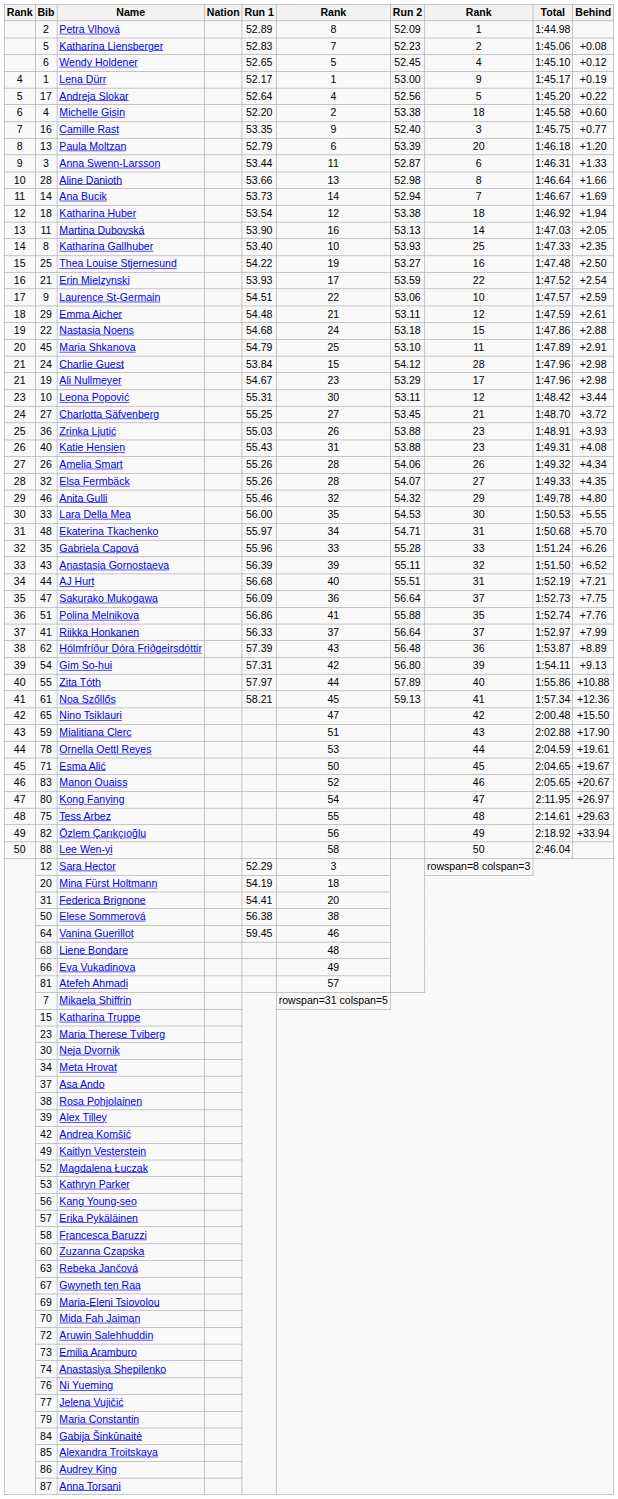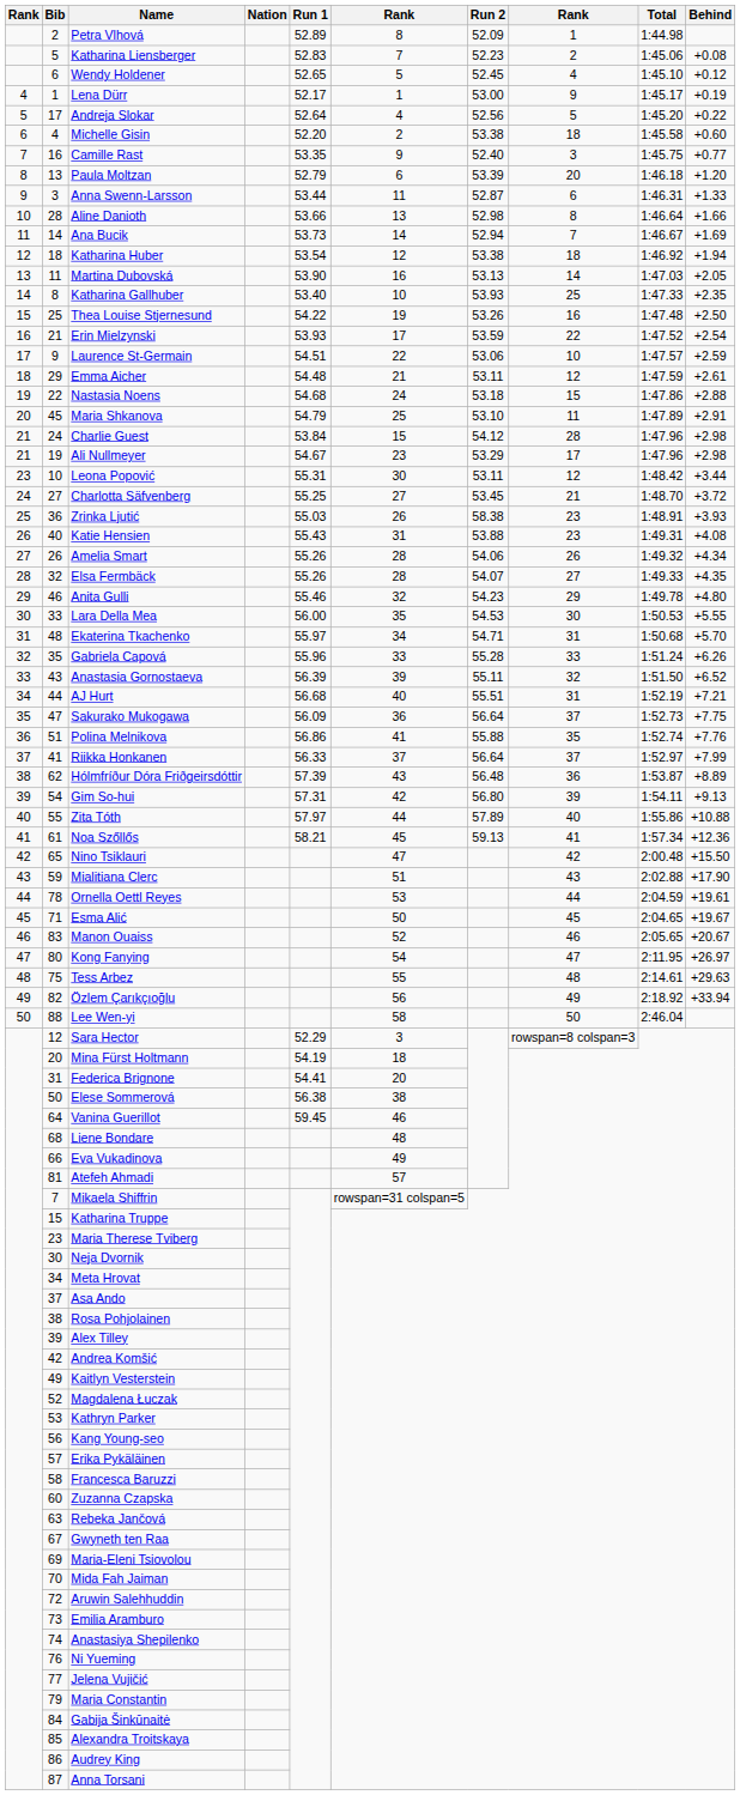 <table class="wikitable sortable" style="text-align:center">
 <tr>
 <th>Rank</th>
 <th>Bib</th>
 <th>Name</th>
 <th>Nation</th>
 <th>Run 1</th>
 <th>Rank</th>
 <th>Run 2</th>
 <th>Rank</th>
 <th>Total</th>
 <th>Behind</th>
 </tr>
 <tr>
 <td></td>
 <td>2</td>
 <td align=left><a href='#'>Petra Vlhová</a></td>
 <td align=left></td>
 <td>52.89</td>
 <td>8</td>
 <td>52.09</td>
 <td>1</td>
 <td>1:44.98</td>
 <td></td>
 </tr>
 <tr>
 <td></td>
 <td>5</td>
 <td align=left><a href='#'>Katharina Liensberger</a></td>
 <td align=left></td>
 <td>52.83</td>
 <td>7</td>
 <td>52.23</td>
 <td>2</td>
 <td>1:45.06</td>
 <td>+0.08</td>
 </tr>
 <tr>
 <td></td>
 <td>6</td>
 <td align=left><a href='#'>Wendy Holdener</a></td>
 <td align=left></td>
 <td>52.65</td>
 <td>5</td>
 <td>52.45</td>
 <td>4</td>
 <td>1:45.10</td>
 <td>+0.12</td>
 </tr>
 <tr>
 <td>4</td>
 <td>1</td>
 <td align=left><a href='#'>Lena Dürr</a></td>
 <td align=left></td>
 <td>52.17</td>
 <td>1</td>
 <td>53.00</td>
 <td>9</td>
 <td>1:45.17</td>
 <td>+0.19</td>
 </tr>
 <tr>
 <td>5</td>
 <td>17</td>
 <td align=left><a href='#'>Andreja Slokar</a></td>
 <td align=left></td>
 <td>52.64</td>
 <td>4</td>
 <td>52.56</td>
 <td>5</td>
 <td>1:45.20</td>
 <td>+0.22</td>
 </tr>
 <tr>
 <td>6</td>
 <td>4</td>
 <td align=left><a href='#'>Michelle Gisin</a></td>
 <td align=left></td>
 <td>52.20</td>
 <td>2</td>
 <td>53.38</td>
 <td>18</td>
 <td>1:45.58</td>
 <td>+0.60</td>
 </tr>
 <tr>
 <td>7</td>
 <td>16</td>
 <td align=left><a href='#'>Camille Rast</a></td>
 <td align=left></td>
 <td>53.35</td>
 <td>9</td>
 <td>52.40</td>
 <td>3</td>
 <td>1:45.75</td>
 <td>+0.77</td>
 </tr>
 <tr>
 <td>8</td>
 <td>13</td>
 <td align=left><a href='#'>Paula Moltzan</a></td>
 <td align=left></td>
 <td>52.79</td>
 <td>6</td>
 <td>53.39</td>
 <td>20</td>
 <td>1:46.18</td>
 <td>+1.20</td>
 </tr>
 <tr>
 <td>9</td>
 <td>3</td>
 <td align=left><a href='#'>Anna Swenn-Larsson</a></td>
 <td align=left></td>
 <td>53.44</td>
 <td>11</td>
 <td>52.87</td>
 <td>6</td>
 <td>1:46.31</td>
 <td>+1.33</td>
 </tr>
 <tr>
 <td>10</td>
 <td>28</td>
 <td align=left><a href='#'>Aline Danioth</a></td>
 <td align=left></td>
 <td>53.66</td>
 <td>13</td>
 <td>52.98</td>
 <td>8</td>
 <td>1:46.64</td>
 <td>+1.66</td>
 </tr>
 <tr>
 <td>11</td>
 <td>14</td>
 <td align=left><a href='#'>Ana Bucik</a></td>
 <td align=left></td>
 <td>53.73</td>
 <td>14</td>
 <td>52.94</td>
 <td>7</td>
 <td>1:46.67</td>
 <td>+1.69</td>
 </tr>
 <tr>
 <td>12</td>
 <td>18</td>
 <td align=left><a href='#'>Katharina Huber</a></td>
 <td align=left></td>
 <td>53.54</td>
 <td>12</td>
 <td>53.38</td>
 <td>18</td>
 <td>1:46.92</td>
 <td>+1.94</td>
 </tr>
 <tr>
 <td>13</td>
 <td>11</td>
 <td align=left><a href='#'>Martina Dubovská</a></td>
 <td align=left></td>
 <td>53.90</td>
 <td>16</td>
 <td>53.13</td>
 <td>14</td>
 <td>1:47.03</td>
 <td>+2.05</td>
 </tr>
 <tr>
 <td>14</td>
 <td>8</td>
 <td align=left><a href='#'>Katharina Gallhuber</a></td>
 <td align=left></td>
 <td>53.40</td>
 <td>10</td>
 <td>53.93</td>
 <td>25</td>
 <td>1:47.33</td>
 <td>+2.35</td>
 </tr>
 <tr>
 <td>15</td>
 <td>25</td>
 <td align=left><a href='#'>Thea Louise Stjernesund</a></td>
 <td align=left></td>
 <td>54.22</td>
 <td>19</td>
-<td>53.27</td>
+<td>53.26</td>
 <td>16</td>
 <td>1:47.48</td>
 <td>+2.50</td>
 </tr>
 <tr>
 <td>16</td>
 <td>21</td>
 <td align=left><a href='#'>Erin Mielzynski</a></td>
 <td align=left></td>
 <td>53.93</td>
 <td>17</td>
 <td>53.59</td>
 <td>22</td>
 <td>1:47.52</td>
 <td>+2.54</td>
 </tr>
 <tr>
 <td>17</td>
 <td>9</td>
 <td align=left><a href='#'>Laurence St-Germain</a></td>
 <td align=left></td>
 <td>54.51</td>
 <td>22</td>
 <td>53.06</td>
 <td>10</td>
 <td>1:47.57</td>
 <td>+2.59</td>
 </tr>
 <tr>
 <td>18</td>
 <td>29</td>
 <td align=left><a href='#'>Emma Aicher</a></td>
 <td align=left></td>
 <td>54.48</td>
 <td>21</td>
 <td>53.11</td>
 <td>12</td>
 <td>1:47.59</td>
 <td>+2.61</td>
 </tr>
 <tr>
 <td>19</td>
 <td>22</td>
 <td align=left><a href='#'>Nastasia Noens</a></td>
 <td align=left></td>
 <td>54.68</td>
 <td>24</td>
 <td>53.18</td>
 <td>15</td>
 <td>1:47.86</td>
 <td>+2.88</td>
 </tr>
 <tr>
 <td>20</td>
 <td>45</td>
 <td align=left><a href='#'>Maria Shkanova</a></td>
 <td align=left></td>
 <td>54.79</td>
 <td>25</td>
 <td>53.10</td>
 <td>11</td>
 <td>1:47.89</td>
 <td>+2.91</td>
 </tr>
 <tr>
 <td>21</td>
 <td>24</td>
 <td align=left><a href='#'>Charlie Guest</a></td>
 <td align=left></td>
 <td>53.84</td>
 <td>15</td>
 <td>54.12</td>
 <td>28</td>
 <td>1:47.96</td>
 <td>+2.98</td>
 </tr>
 <tr>
 <td>21</td>
 <td>19</td>
 <td align=left><a href='#'>Ali Nullmeyer</a></td>
 <td align=left></td>
 <td>54.67</td>
 <td>23</td>
 <td>53.29</td>
 <td>17</td>
 <td>1:47.96</td>
 <td>+2.98</td>
 </tr>
 <tr>
 <td>23</td>
 <td>10</td>
 <td align=left><a href='#'>Leona Popović</a></td>
 <td align=left></td>
 <td>55.31</td>
 <td>30</td>
 <td>53.11</td>
 <td>12</td>
 <td>1:48.42</td>
 <td>+3.44</td>
 </tr>
 <tr>
 <td>24</td>
 <td>27</td>
 <td align=left><a href='#'>Charlotta Säfvenberg</a></td>
 <td align=left></td>
 <td>55.25</td>
 <td>27</td>
 <td>53.45</td>
 <td>21</td>
 <td>1:48.70</td>
 <td>+3.72</td>
 </tr>
 <tr>
 <td>25</td>
 <td>36</td>
 <td align=left><a href='#'>Zrinka Ljutić</a></td>
 <td align=left></td>
 <td>55.03</td>
 <td>26</td>
-<td>53.88</td>
+<td>58.38</td>
 <td>23</td>
 <td>1:48.91</td>
 <td>+3.93</td>
 </tr>
 <tr>
 <td>26</td>
 <td>40</td>
 <td align=left><a href='#'>Katie Hensien</a></td>
 <td align=left></td>
 <td>55.43</td>
 <td>31</td>
 <td>53.88</td>
 <td>23</td>
 <td>1:49.31</td>
 <td>+4.08</td>
 </tr>
 <tr>
 <td>27</td>
 <td>26</td>
 <td align=left><a href='#'>Amelia Smart</a></td>
 <td align=left></td>
 <td>55.26</td>
 <td>28</td>
 <td>54.06</td>
 <td>26</td>
 <td>1:49.32</td>
 <td>+4.34</td>
 </tr>
 <tr>
 <td>28</td>
 <td>32</td>
 <td align=left><a href='#'>Elsa Fermbäck</a></td>
 <td align=left></td>
 <td>55.26</td>
 <td>28</td>
 <td>54.07</td>
 <td>27</td>
 <td>1:49.33</td>
 <td>+4.35</td>
 </tr>
 <tr>
 <td>29</td>
 <td>46</td>
 <td align=left><a href='#'>Anita Gulli</a></td>
 <td align=left></td>
 <td>55.46</td>
 <td>32</td>
-<td>54.32</td>
+<td>54.23</td>
 <td>29</td>
 <td>1:49.78</td>
 <td>+4.80</td>
 </tr>
 <tr>
 <td>30</td>
 <td>33</td>
 <td align=left><a href='#'>Lara Della Mea</a></td>
 <td align=left></td>
 <td>56.00</td>
 <td>35</td>
 <td>54.53</td>
 <td>30</td>
 <td>1:50.53</td>
 <td>+5.55</td>
 </tr>
 <tr>
 <td>31</td>
 <td>48</td>
 <td align=left><a href='#'>Ekaterina Tkachenko</a></td>
 <td align=left></td>
 <td>55.97</td>
 <td>34</td>
 <td>54.71</td>
 <td>31</td>
 <td>1:50.68</td>
 <td>+5.70</td>
 </tr>
 <tr>
 <td>32</td>
 <td>35</td>
 <td align=left><a href='#'>Gabriela Capová</a></td>
 <td align=left></td>
 <td>55.96</td>
 <td>33</td>
 <td>55.28</td>
 <td>33</td>
 <td>1:51.24</td>
 <td>+6.26</td>
 </tr>
 <tr>
 <td>33</td>
 <td>43</td>
 <td align=left><a href='#'>Anastasia Gornostaeva</a></td>
 <td align=left></td>
 <td>56.39</td>
 <td>39</td>
 <td>55.11</td>
 <td>32</td>
 <td>1:51.50</td>
 <td>+6.52</td>
 </tr>
 <tr>
 <td>34</td>
 <td>44</td>
 <td align=left><a href='#'>AJ Hurt</a></td>
 <td align=left></td>
 <td>56.68</td>
 <td>40</td>
 <td>55.51</td>
 <td>31</td>
 <td>1:52.19</td>
 <td>+7.21</td>
 </tr>
 <tr>
 <td>35</td>
 <td>47</td>
 <td align=left><a href='#'>Sakurako Mukogawa</a></td>
 <td align=left></td>
 <td>56.09</td>
 <td>36</td>
 <td>56.64</td>
 <td>37</td>
 <td>1:52.73</td>
 <td>+7.75</td>
 </tr>
 <tr>
 <td>36</td>
 <td>51</td>
 <td align=left><a href='#'>Polina Melnikova</a></td>
 <td align=left></td>
 <td>56.86</td>
 <td>41</td>
 <td>55.88</td>
 <td>35</td>
 <td>1:52.74</td>
 <td>+7.76</td>
 </tr>
 <tr>
 <td>37</td>
 <td>41</td>
 <td align=left><a href='#'>Riikka Honkanen</a></td>
 <td align=left></td>
 <td>56.33</td>
 <td>37</td>
 <td>56.64</td>
 <td>37</td>
 <td>1:52.97</td>
 <td>+7.99</td>
 </tr>
 <tr>
 <td>38</td>
 <td>62</td>
 <td align=left><a href='#'>Hólmfríður Dóra Friðgeirsdóttir</a></td>
 <td align=left></td>
 <td>57.39</td>
 <td>43</td>
 <td>56.48</td>
 <td>36</td>
 <td>1:53.87</td>
 <td>+8.89</td>
 </tr>
 <tr>
 <td>39</td>
 <td>54</td>
 <td align=left><a href='#'>Gim So-hui</a></td>
 <td align=left></td>
 <td>57.31</td>
 <td>42</td>
 <td>56.80</td>
 <td>39</td>
 <td>1:54.11</td>
 <td>+9.13</td>
 </tr>
 <tr>
 <td>40</td>
 <td>55</td>
 <td align=left><a href='#'>Zita Tóth</a></td>
 <td align=left></td>
 <td>57.97</td>
 <td>44</td>
 <td>57.89</td>
 <td>40</td>
 <td>1:55.86</td>
 <td>+10.88</td>
 </tr>
 <tr>
 <td>41</td>
 <td>61</td>
 <td align=left><a href='#'>Noa Szőllős</a></td>
 <td align=left></td>
 <td>58.21</td>
 <td>45</td>
 <td>59.13</td>
 <td>41</td>
 <td>1:57.34</td>
 <td>+12.36</td>
 </tr>
 <tr>
 <td>42</td>
 <td>65</td>
 <td align=left><a href='#'>Nino Tsiklauri</a></td>
 <td align=left></td>
 <td></td>
 <td>47</td>
 <td></td>
 <td>42</td>
 <td>2:00.48</td>
 <td>+15.50</td>
 </tr>
 <tr>
 <td>43</td>
 <td>59</td>
 <td align=left><a href='#'>Mialitiana Clerc</a></td>
 <td align=left></td>
 <td></td>
 <td>51</td>
 <td></td>
 <td>43</td>
 <td>2:02.88</td>
 <td>+17.90</td>
 </tr>
 <tr>
 <td>44</td>
 <td>78</td>
 <td align=left><a href='#'>Ornella Oettl Reyes</a></td>
 <td align=left></td>
 <td></td>
 <td>53</td>
 <td></td>
 <td>44</td>
 <td>2:04.59</td>
 <td>+19.61</td>
 </tr>
 <tr>
 <td>45</td>
 <td>71</td>
 <td align=left><a href='#'>Esma Alić</a></td>
 <td align=left></td>
 <td></td>
 <td>50</td>
 <td></td>
 <td>45</td>
 <td>2:04.65</td>
 <td>+19.67</td>
 </tr>
 <tr>
 <td>46</td>
 <td>83</td>
 <td align=left><a href='#'>Manon Ouaiss</a></td>
 <td align=left></td>
 <td></td>
 <td>52</td>
 <td></td>
 <td>46</td>
 <td>2:05.65</td>
 <td>+20.67</td>
 </tr>
 <tr>
 <td>47</td>
 <td>80</td>
 <td align=left><a href='#'>Kong Fanying</a></td>
 <td align=left></td>
 <td></td>
 <td>54</td>
 <td></td>
 <td>47</td>
 <td>2:11.95</td>
 <td>+26.97</td>
 </tr>
 <tr>
 <td>48</td>
 <td>75</td>
 <td align=left><a href='#'>Tess Arbez</a></td>
 <td align=left></td>
 <td></td>
 <td>55</td>
 <td></td>
 <td>48</td>
 <td>2:14.61</td>
 <td>+29.63</td>
 </tr>
 <tr>
 <td>49</td>
 <td>82</td>
 <td align=left><a href='#'>Özlem Çarıkçıoğlu</a></td>
 <td align=left></td>
 <td></td>
 <td>56</td>
 <td></td>
 <td>49</td>
 <td>2:18.92</td>
 <td>+33.94</td>
 </tr>
 <tr>
 <td>50</td>
 <td>88</td>
 <td align=left><a href='#'>Lee Wen-yi</a></td>
 <td align=left></td>
 <td></td>
 <td>58</td>
 <td></td>
 <td>50</td>
 <td>2:46.04</td>
 <td></td>
 </tr>
 <tr>
 <td rowspan="38"></td>
 <td>12</td>
 <td align=left><a href='#'>Sara Hector</a></td>
 <td align=left></td>
 <td>52.29</td>
 <td>3</td>
 <td rowspan=8></td>
 <td>rowspan=8 colspan=3 </td>
 </tr>
 <tr>
 <td>20</td>
 <td align=left><a href='#'>Mina Fürst Holtmann</a></td>
 <td align=left></td>
 <td>54.19</td>
 <td>18</td>
 </tr>
 <tr>
 <td>31</td>
 <td align=left><a href='#'>Federica Brignone</a></td>
 <td align=left></td>
 <td>54.41</td>
 <td>20</td>
 </tr>
 <tr>
 <td>50</td>
 <td align=left><a href='#'>Elese Sommerová</a></td>
 <td align=left></td>
 <td>56.38</td>
 <td>38</td>
 </tr>
 <tr>
 <td>64</td>
 <td align=left><a href='#'>Vanina Guerillot</a></td>
 <td align=left></td>
 <td>59.45</td>
 <td>46</td>
 </tr>
 <tr>
 <td>68</td>
 <td align=left><a href='#'>Liene Bondare</a></td>
 <td align=left></td>
 <td></td>
 <td>48</td>
 </tr>
 <tr>
 <td>66</td>
 <td align=left><a href='#'>Eva Vukadinova</a></td>
 <td align=left></td>
 <td></td>
 <td>49</td>
 </tr>
 <tr>
 <td>81</td>
 <td align=left><a href='#'>Atefeh Ahmadi</a></td>
 <td align=left></td>
 <td></td>
 <td>57</td>
 </tr>
 <tr>
 <td>7</td>
 <td align=left><a href='#'>Mikaela Shiffrin</a></td>
 <td align=left></td>
 <td rowspan="30"></td>
 <td>rowspan=31 colspan=5 </td>
 </tr>
 <tr>
 <td>15</td>
 <td align=left><a href='#'>Katharina Truppe</a></td>
 <td align=left></td>
 </tr>
 <tr>
 <td>23</td>
 <td align=left><a href='#'>Maria Therese Tviberg</a></td>
 <td align=left></td>
 </tr>
 <tr>
 <td>30</td>
 <td align=left><a href='#'>Neja Dvornik</a></td>
 <td align=left></td>
 </tr>
 <tr>
 <td>34</td>
 <td align=left><a href='#'>Meta Hrovat</a></td>
 <td align=left></td>
 </tr>
 <tr>
 <td>37</td>
 <td align=left><a href='#'>Asa Ando</a></td>
 <td align=left></td>
 </tr>
 <tr>
 <td>38</td>
 <td align=left><a href='#'>Rosa Pohjolainen</a></td>
 <td align=left></td>
 </tr>
 <tr>
 <td>39</td>
 <td align=left><a href='#'>Alex Tilley</a></td>
 <td align=left></td>
 </tr>
 <tr>
 <td>42</td>
 <td align=left><a href='#'>Andrea Komšić</a></td>
 <td align=left></td>
 </tr>
 <tr>
 <td>49</td>
 <td align=left><a href='#'>Kaitlyn Vesterstein</a></td>
 <td align=left></td>
 </tr>
 <tr>
 <td>52</td>
 <td align=left><a href='#'>Magdalena Łuczak</a></td>
 <td align=left></td>
 </tr>
 <tr>
 <td>53</td>
 <td align=left><a href='#'>Kathryn Parker</a></td>
 <td align=left></td>
 </tr>
 <tr>
 <td>56</td>
 <td align=left><a href='#'>Kang Young-seo</a></td>
 <td align=left></td>
 </tr>
 <tr>
 <td>57</td>
 <td align=left><a href='#'>Erika Pykäläinen</a></td>
 <td align=left></td>
 </tr>
 <tr>
 <td>58</td>
 <td align=left><a href='#'>Francesca Baruzzi</a></td>
 <td align=left></td>
 </tr>
 <tr>
 <td>60</td>
 <td align=left><a href='#'>Zuzanna Czapska</a></td>
 <td align=left></td>
 </tr>
 <tr>
 <td>63</td>
 <td align=left><a href='#'>Rebeka Jančová</a></td>
 <td align=left></td>
 </tr>
 <tr>
 <td>67</td>
 <td align=left><a href='#'>Gwyneth ten Raa</a></td>
 <td align=left></td>
 </tr>
 <tr>
 <td>69</td>
 <td align=left><a href='#'>Maria-Eleni Tsiovolou</a></td>
 <td align=left></td>
 </tr>
 <tr>
 <td>70</td>
 <td align=left><a href='#'>Mida Fah Jaiman</a></td>
 <td align=left></td>
 </tr>
 <tr>
 <td>72</td>
 <td align=left><a href='#'>Aruwin Salehhuddin</a></td>
 <td align=left></td>
 </tr>
 <tr>
 <td>73</td>
 <td align=left><a href='#'>Emilia Aramburo</a></td>
 <td align=left></td>
 </tr>
 <tr>
 <td>74</td>
 <td align=left><a href='#'>Anastasiya Shepilenko</a></td>
 <td align=left></td>
 </tr>
 <tr>
 <td>76</td>
 <td align=left><a href='#'>Ni Yueming</a></td>
 <td align=left></td>
 </tr>
 <tr>
 <td>77</td>
 <td align=left><a href='#'>Jelena Vujičić</a></td>
 <td align=left></td>
 </tr>
 <tr>
 <td>79</td>
 <td align=left><a href='#'>Maria Constantin</a></td>
 <td align=left></td>
 </tr>
 <tr>
 <td>84</td>
 <td align=left><a href='#'>Gabija Šinkūnaitė</a></td>
 <td align=left></td>
 </tr>
 <tr>
 <td>85</td>
 <td align=left><a href='#'>Alexandra Troitskaya</a></td>
 <td align=left></td>
 </tr>
 <tr>
 <td>86</td>
 <td align=left><a href='#'>Audrey King</a></td>
 <td align=left></td>
 </tr>
 <tr>
 <td>87</td>
 <td align=left><a href='#'>Anna Torsani</a></td>
 <td align=left></td>
 </tr>
 </table>
